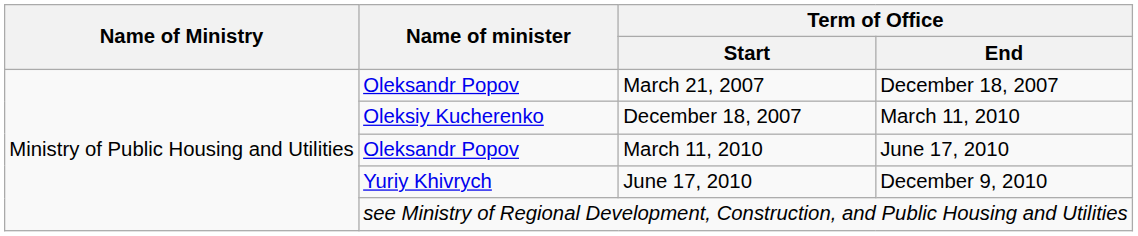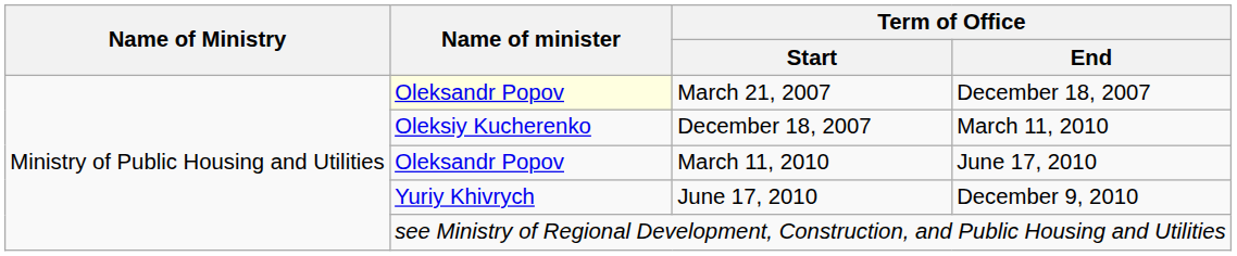 <table class="wikitable">
 <tr>
 <th rowspan="2">Name of Ministry</th>
 <th rowspan="2">Name of minister</th>
 <th colspan="2">Term of Office</th>
 </tr>
 <tr>
 <th>Start</th>
 <th>End</th>
 </tr>
 <tr>
 <td rowspan="5">Ministry of Public Housing and Utilities</td>
-<td><a href='#'>Oleksandr Popov</a></td>
+<td style="background: lightyellow;"><a href='#'>Oleksandr Popov</a></td>
 <td>March 21, 2007</td>
 <td>December 18, 2007</td>
 </tr>
 <tr>
 <td><a href='#'>Oleksiy Kucherenko</a></td>
 <td>December 18, 2007</td>
 <td>March 11, 2010</td>
 </tr>
 <tr>
 <td><a href='#'>Oleksandr Popov</a></td>
 <td>March 11, 2010</td>
 <td>June 17, 2010</td>
 </tr>
 <tr>
 <td><a href='#'>Yuriy Khivrych</a></td>
 <td>June 17, 2010</td>
 <td>December 9, 2010</td>
 </tr>
 <tr>
 <td colspan="3"><em>see Ministry of Regional Development, Construction, and Public Housing and Utilities</em></td>
 </tr>
 </table>
